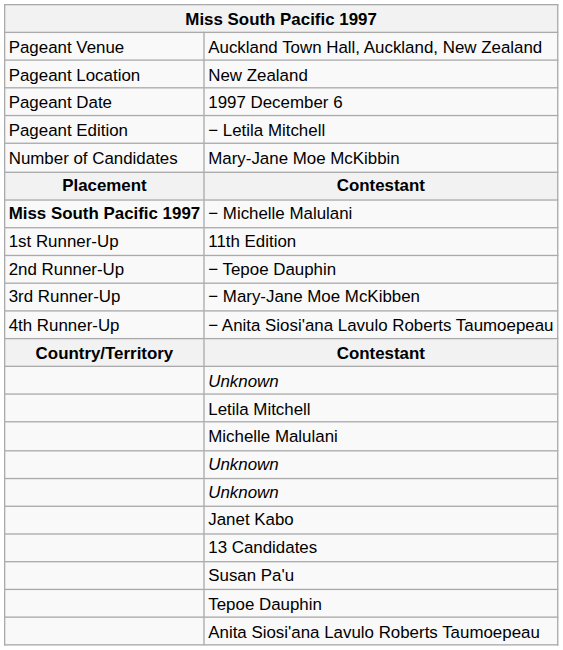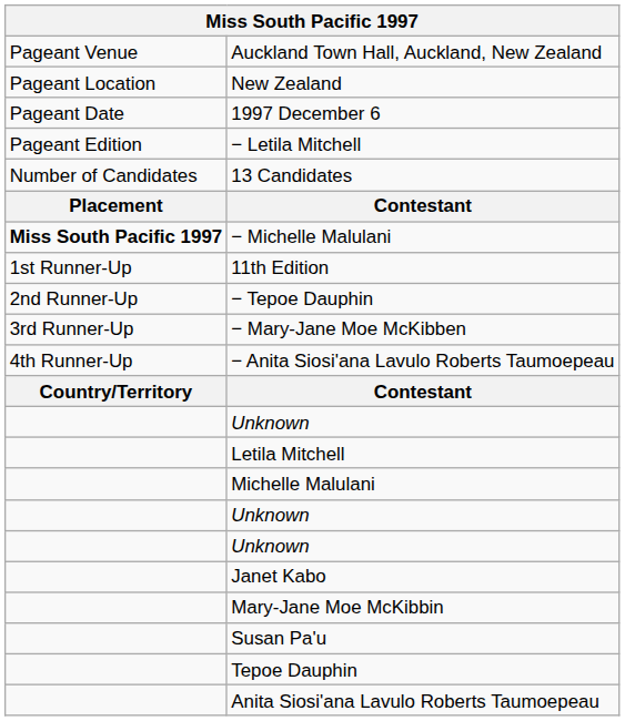 <table class="wikitable sortable" style="font-size: 80%;">
 <tr>
 <th colspan="2"><strong>Miss South Pacific 1997</strong></th>
 </tr>
 <tr>
 <td>Pageant Venue</td>
 <td>Auckland Town Hall, Auckland, New Zealand</td>
 </tr>
 <tr>
 <td>Pageant Location</td>
 <td>New Zealand</td>
 </tr>
 <tr>
 <td>Pageant Date</td>
 <td>1997 December 6</td>
 </tr>
 <tr>
 <td>Pageant Edition</td>
 <td> − Letila Mitchell</td>
 </tr>
 <tr>
 <td>Number of Candidates</td>
-<td>Mary-Jane Moe McKibbin</td>
+<td>13 Candidates</td>
 </tr>
 <tr>
 <th>Placement</th>
 <th>Contestant</th>
 </tr>
 <tr>
 <td><strong>Miss South Pacific 1997</strong></td>
 <td> − Michelle Malulani</td>
 </tr>
 <tr>
 <td>1st Runner-Up</td>
 <td>11th Edition</td>
 </tr>
 <tr>
 <td>2nd Runner-Up</td>
 <td> − Tepoe Dauphin</td>
 </tr>
 <tr>
 <td>3rd Runner-Up</td>
 <td> − Mary-Jane Moe McKibben</td>
 </tr>
 <tr>
 <td>4th Runner-Up</td>
 <td> − Anita Siosi'ana Lavulo Roberts Taumoepeau</td>
 </tr>
 <tr>
 <th><strong>Country/Territory</strong></th>
 <th>Contestant</th>
 </tr>
 <tr>
 <td></td>
 <td><em>Unknown</em></td>
 </tr>
 <tr>
 <td></td>
 <td>Letila Mitchell</td>
 </tr>
 <tr>
 <td></td>
 <td>Michelle Malulani</td>
 </tr>
 <tr>
 <td></td>
 <td><em>Unknown</em></td>
 </tr>
 <tr>
 <td></td>
 <td><em>Unknown</em></td>
 </tr>
 <tr>
 <td></td>
 <td>Janet Kabo</td>
 </tr>
 <tr>
 <td></td>
-<td>13 Candidates</td>
+<td>Mary-Jane Moe McKibbin</td>
 </tr>
 <tr>
 <td></td>
 <td>Susan Pa'u</td>
 </tr>
 <tr>
 <td></td>
 <td>Tepoe Dauphin</td>
 </tr>
 <tr>
 <td></td>
 <td>Anita Siosi'ana Lavulo Roberts Taumoepeau</td>
 </tr>
 </table>
